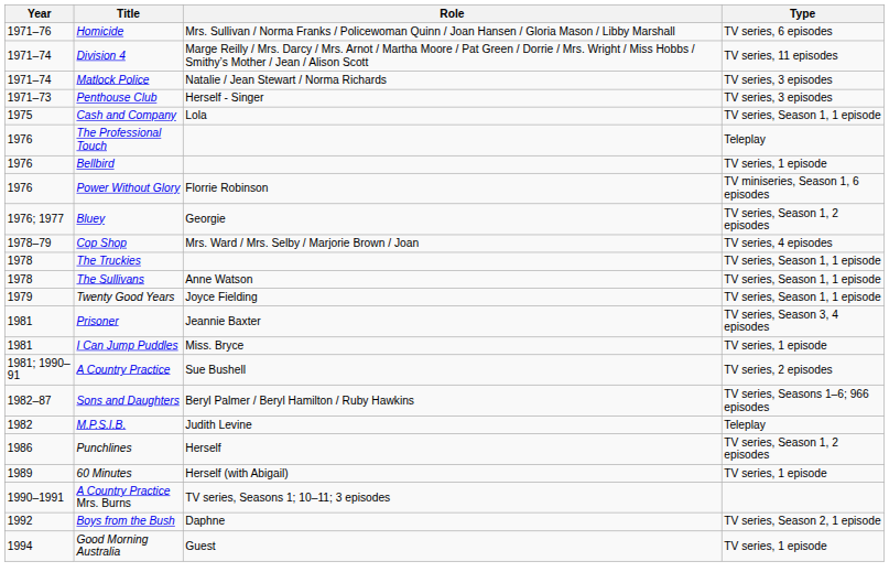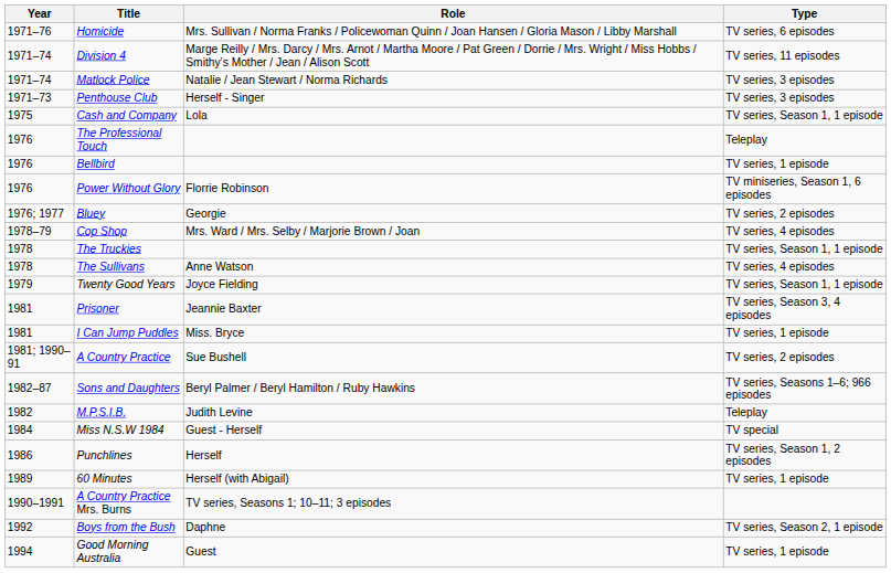 <table class="wikitable">
 <tr>
 <th>Year</th>
 <th>Title</th>
 <th>Role</th>
 <th>Type</th>
 </tr>
 <tr>
 <td>1971–76</td>
 <td><em><a href='#'>Homicide</a></em></td>
 <td>Mrs. Sullivan / Norma Franks / Policewoman Quinn / Joan Hansen / Gloria Mason / Libby Marshall</td>
 <td>TV series, 6 episodes</td>
 </tr>
 <tr>
 <td>1971–74</td>
 <td><em><a href='#'>Division 4</a></em></td>
 <td>Marge Reilly / Mrs. Darcy / Mrs. Arnot / Martha Moore / Pat Green / Dorrie / Mrs. Wright / Miss Hobbs / Smithy’s Mother / Jean / Alison Scott</td>
 <td>TV series, 11 episodes</td>
 </tr>
 <tr>
 <td>1971–74</td>
 <td><em><a href='#'>Matlock Police</a></em></td>
 <td>Natalie / Jean Stewart / Norma Richards</td>
 <td>TV series, 3 episodes</td>
 </tr>
 <tr>
 <td>1971–73</td>
 <td><em><a href='#'>Penthouse Club</a></em></td>
 <td>Herself - Singer</td>
 <td>TV series, 3 episodes</td>
 </tr>
 <tr>
 <td>1975</td>
 <td><em><a href='#'>Cash and Company</a></em></td>
 <td>Lola</td>
 <td>TV series, Season 1, 1 episode</td>
 </tr>
 <tr>
 <td>1976</td>
 <td><em><a href='#'>The Professional Touch</a></em></td>
 <td></td>
 <td>Teleplay</td>
 </tr>
 <tr>
 <td>1976</td>
 <td><em><a href='#'>Bellbird</a></em></td>
 <td></td>
 <td>TV series, 1 episode</td>
 </tr>
 <tr>
 <td>1976</td>
 <td><em><a href='#'>Power Without Glory</a></em></td>
 <td>Florrie Robinson</td>
 <td>TV miniseries, Season 1, 6 episodes</td>
 </tr>
 <tr>
 <td>1976; 1977</td>
 <td><em><a href='#'>Bluey</a></em></td>
 <td>Georgie</td>
-<td>TV series, Season 1, 2 episodes</td>
+<td>TV series, 2 episodes</td>
 </tr>
 <tr>
 <td>1978–79</td>
 <td><em><a href='#'>Cop Shop</a></em></td>
 <td>Mrs. Ward / Mrs. Selby / Marjorie Brown / Joan</td>
 <td>TV series, 4 episodes</td>
 </tr>
 <tr>
 <td>1978</td>
 <td><em><a href='#'>The Truckies</a></em></td>
 <td></td>
 <td>TV series, Season 1, 1 episode</td>
 </tr>
 <tr>
 <td>1978</td>
 <td><em><a href='#'>The Sullivans</a></em></td>
 <td>Anne Watson</td>
-<td>TV series, Season 1, 1 episode</td>
+<td>TV series, 4 episodes</td>
 </tr>
 <tr>
 <td>1979</td>
 <td><em>Twenty Good Years</em></td>
 <td>Joyce Fielding</td>
 <td>TV series, Season 1, 1 episode</td>
 </tr>
 <tr>
 <td>1981</td>
 <td><em><a href='#'>Prisoner</a></em></td>
 <td>Jeannie Baxter</td>
 <td>TV series, Season 3, 4 episodes</td>
 </tr>
 <tr>
 <td>1981</td>
 <td><em><a href='#'>I Can Jump Puddles</a></em></td>
 <td>Miss. Bryce</td>
 <td>TV series, 1 episode</td>
 </tr>
 <tr>
 <td>1981; 1990–91</td>
 <td><em><a href='#'>A Country Practice</a></em></td>
 <td>Sue Bushell</td>
 <td>TV series, 2 episodes</td>
 </tr>
 <tr>
 <td>1982–87</td>
 <td><em><a href='#'>Sons and Daughters</a></em></td>
 <td>Beryl Palmer / Beryl Hamilton / Ruby Hawkins</td>
 <td>TV series, Seasons 1–6; 966 episodes</td>
 </tr>
 <tr>
 <td>1982</td>
 <td><em><a href='#'>M.P.S.I.B.</a></em></td>
 <td>Judith Levine</td>
 <td>Teleplay</td>
 </tr>
 <tr>
+<td>1984</td>
+<td><em>Miss N.S.W 1984</em></td>
+<td>Guest - Herself</td>
+<td>TV special</td>
+</tr>
+<tr>
 <td>1986</td>
 <td><em>Punchlines</em></td>
 <td>Herself</td>
 <td>TV series, Season 1, 2 episodes</td>
 </tr>
 <tr>
 <td>1989</td>
 <td><em>60 Minutes</em></td>
 <td>Herself (with Abigail)</td>
 <td>TV series, 1 episode</td>
 </tr>
 <tr>
 <td>1990–1991</td>
 <td><em><a href='#'>A Country Practice</a></em><br>Mrs. Burns</td>
 <td>TV series, Seasons 1; 10–11; 3 episodes</td>
 </tr>
 <tr>
 <td>1992</td>
 <td><em><a href='#'>Boys from the Bush</a></em></td>
 <td>Daphne</td>
 <td>TV series, Season 2, 1 episode</td>
 </tr>
 <tr>
 <td>1994</td>
 <td><em>Good Morning Australia</em></td>
 <td>Guest</td>
 <td>TV series, 1 episode</td>
 </tr>
 </table>
